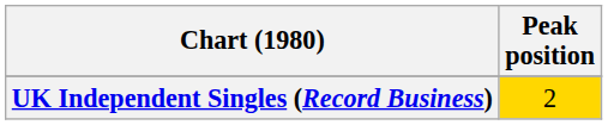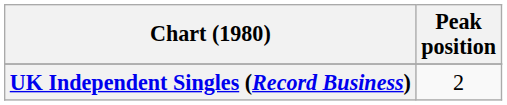 <table class="wikitable sortable plainrowheaders" style="text-align:center">
 <tr>
 <th>Chart (1980)</th>
 <th>Peak<br>position</th>
 </tr>
 <tr>
 </tr>
 <tr>
 </tr>
 <tr>
 <th scope="row"><a href='#'>UK Independent Singles</a> (<em><a href='#'>Record Business</a></em>)</th>
-<td style="background: gold;">2</td>
+<td>2</td>
 </tr>
 </table>
